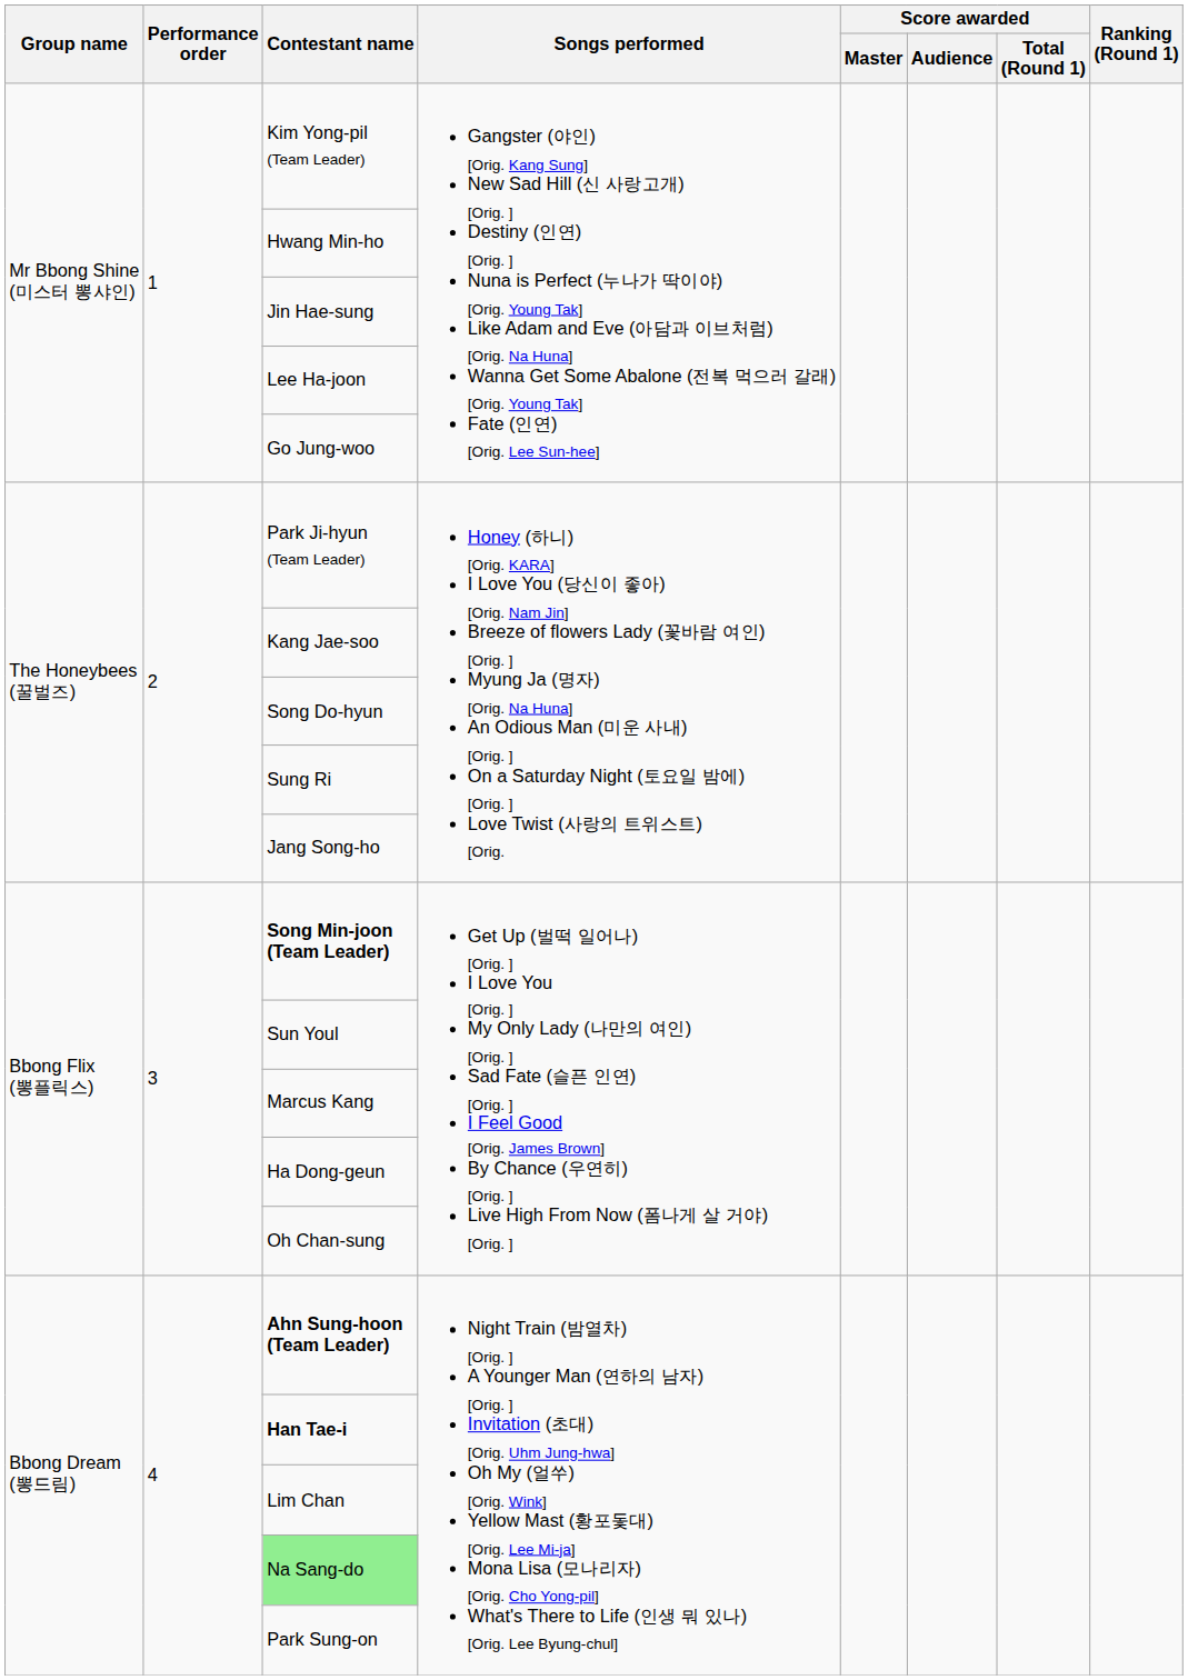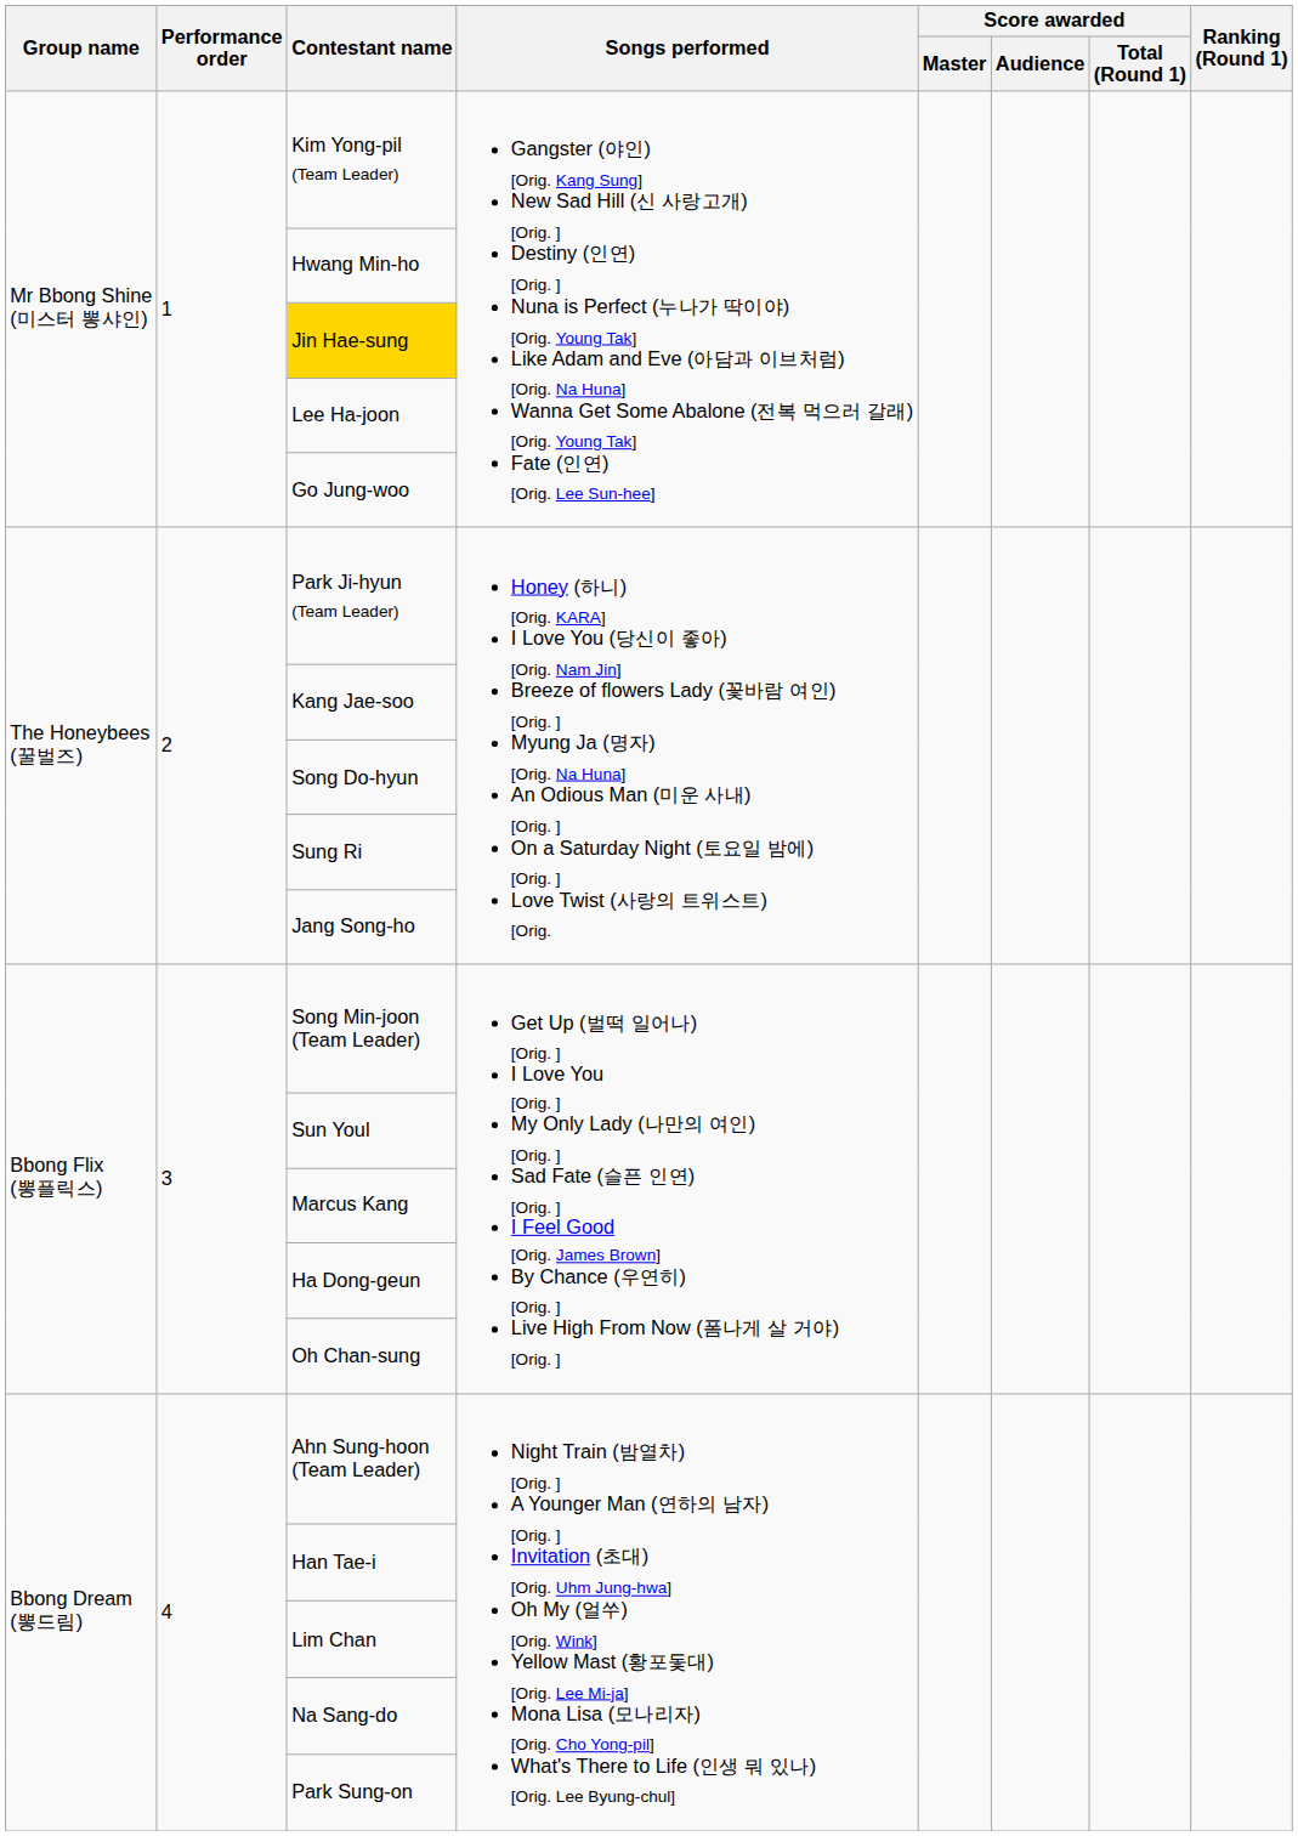 <table class="wikitable">
 <tr>
 <th rowspan=2>Group name</th>
 <th rowspan=2>Performance<br>order</th>
 <th rowspan=2>Contestant name</th>
 <th rowspan=2>Songs performed</th>
 <th colspan=3>Score awarded</th>
 <th rowspan=2>Ranking<br>(Round 1)</th>
 </tr>
 <tr>
 <th>Master</th>
 <th>Audience</th>
 <th>Total<br>(Round 1)</th>
 </tr>
 <tr>
 <td rowspan=5>Mr Bbong Shine<br>(미스터 뽕샤인)</td>
 <td rowspan=5>1</td>
 <td>Kim Yong-pil<br><sub>(Team Leader)</sub></td>
 <td rowspan=5><br><ul><li>Gangster (야인)<br><sub>[Orig. <a href='#'>Kang Sung</a>]</sub></li><li>New Sad Hill (신 사랑고개)<br><sub>[Orig. ]</sub></li><li>Destiny (인연)<br><sub>[Orig. ]</sub></li><li>Nuna is Perfect (누나가 딱이야)<br><sub>[Orig. <a href='#'>Young Tak</a>]</sub></li><li>Like Adam and Eve (아담과 이브처럼)<br><sub>[Orig. <a href='#'>Na Huna</a>]</sub></li><li>Wanna Get Some Abalone (전복 먹으러 갈래)<br><sub>[Orig. <a href='#'>Young Tak</a>]</sub></li><li>Fate (인연)<br><sub>[Orig. <a href='#'>Lee Sun-hee</a>]</sub></li></ul></td>
 <td rowspan=5></td>
 <td rowspan=5></td>
 <td rowspan=5></td>
 <td rowspan=5></td>
 </tr>
 <tr>
 <td>Hwang Min-ho</td>
 </tr>
 <tr>
-<td>Jin Hae-sung</td>
+<td style="background: gold;">Jin Hae-sung</td>
 </tr>
 <tr>
 <td>Lee Ha-joon</td>
 </tr>
 <tr>
 <td>Go Jung-woo</td>
 </tr>
 <tr>
 <td rowspan=5>The Honeybees<br>(꿀벌즈)</td>
 <td rowspan=5>2</td>
 <td>Park Ji-hyun<br><sub>(Team Leader)</sub></td>
 <td rowspan=5><br><ul><li><a href='#'>Honey</a> (하니)<br><sub>[Orig. <a href='#'>KARA</a>]</sub></li><li>I Love You (당신이 좋아)<br><sub>[Orig. <a href='#'>Nam Jin</a>]</sub></li><li>Breeze of flowers Lady (꽃바람 여인)<br><sub>[Orig. ]</sub></li><li>Myung Ja (명자)<br><sub>[Orig. <a href='#'>Na Huna</a>]</sub></li><li>An Odious Man (미운 사내)<br><sub>[Orig. ]</sub></li><li>On a Saturday Night (토요일 밤에)<br><sub>[Orig. ]</sub></li><li>Love Twist (사랑의 트위스트)<br><sub>[Orig. </sub></li></ul></td>
 <td rowspan=5></td>
 <td rowspan=5></td>
 <td rowspan=5></td>
 <td rowspan=5></td>
 </tr>
 <tr>
 <td>Kang Jae-soo</td>
 </tr>
 <tr>
 <td>Song Do-hyun</td>
 </tr>
 <tr>
 <td>Sung Ri</td>
 </tr>
 <tr>
 <td>Jang Song-ho</td>
 </tr>
 <tr>
 <td rowspan=5>Bbong Flix<br>(뽕플릭스)</td>
 <td rowspan=5>3</td>
-<td><strong>Song Min-joon<br>(Team Leader)</strong></td>
+<td>Song Min-joon<br>(Team Leader)</td>
 <td rowspan=5><br><ul><li>Get Up (벌떡 일어나)<br><sub>[Orig. ]</sub></li><li>I Love You<br><sub>[Orig. ]</sub></li><li>My Only Lady (나만의 여인)<br><sub>[Orig. ]</sub></li><li>Sad Fate (슬픈 인연)<br><sub>[Orig. ]</sub></li><li><a href='#'>I Feel Good</a><br><sub>[Orig. <a href='#'>James Brown</a>]</sub></li><li>By Chance (우연히)<br><sub>[Orig. ]</sub></li><li>Live High From Now (폼나게 살 거야)<br><sub>[Orig. ]</sub></li></ul></td>
 <td rowspan=5></td>
 <td rowspan=5></td>
 <td rowspan=5></td>
 <td rowspan=5></td>
 </tr>
 <tr>
 <td>Sun Youl</td>
 </tr>
 <tr>
 <td>Marcus Kang</td>
 </tr>
 <tr>
 <td>Ha Dong-geun</td>
 </tr>
 <tr>
 <td>Oh Chan-sung</td>
 </tr>
 <tr>
 <td rowspan=5>Bbong Dream<br>(뽕드림)</td>
 <td rowspan=5>4</td>
-<td><strong>Ahn Sung-hoon<br>(Team Leader)</strong></td>
+<td>Ahn Sung-hoon<br>(Team Leader)</td>
 <td rowspan=5><br><ul><li>Night Train (밤열차)<br><sub>[Orig. ]</sub></li><li>A Younger Man (연하의 남자)<br><sub>[Orig. ]</sub></li><li><a href='#'>Invitation</a> (초대)<br><sub>[Orig. <a href='#'>Uhm Jung-hwa</a>]</sub></li><li>Oh My (얼쑤)<br><sub>[Orig. <a href='#'>Wink</a>]</sub></li><li>Yellow Mast (황포돛대)<br><sub>[Orig. <a href='#'>Lee Mi-ja</a>]</sub></li><li>Mona Lisa (모나리자)<br><sub>[Orig. <a href='#'>Cho Yong-pil</a>]</sub></li><li>What's There to Life (인생 뭐 있나)<br><sub>[Orig. Lee Byung-chul]</sub></li></ul></td>
 <td rowspan=5></td>
 <td rowspan=5></td>
 <td rowspan=5></td>
 <td rowspan=5></td>
 </tr>
 <tr>
-<td><strong>Han Tae-i</strong></td>
+<td>Han Tae-i</td>
 </tr>
 <tr>
 <td>Lim Chan</td>
 </tr>
 <tr>
-<td style="background: lightgreen;">Na Sang-do</td>
+<td>Na Sang-do</td>
 </tr>
 <tr>
 <td>Park Sung-on</td>
 </tr>
 </table>
